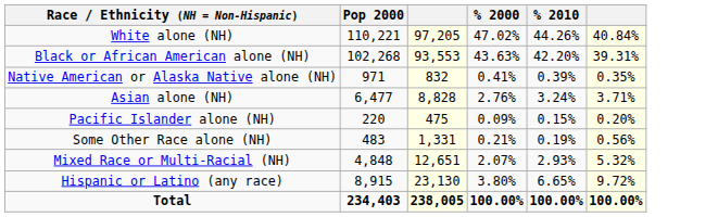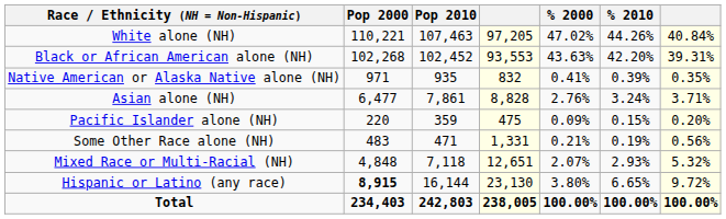 <table class="wikitable" style="text-align:center;">
 <tr>
 <th>Race / Ethnicity <small>(<em>NH = Non-Hispanic</em>)</small></th>
 <th>Pop 2000</th>
+<th>Pop 2010</th>
 <th></th>
 <th>% 2000</th>
 <th>% 2010</th>
 <th></th>
 </tr>
 <tr>
 <td><a href='#'>White</a> alone (NH)</td>
 <td>110,221</td>
+<td>107,463</td>
 <td style='background: #ffffe6;'>97,205</td>
 <td>47.02%</td>
 <td>44.26%</td>
 <td style='background: #ffffe6;'>40.84%</td>
 </tr>
 <tr>
 <td><a href='#'>Black or African American</a> alone (NH)</td>
 <td>102,268</td>
+<td>102,452</td>
 <td style='background: #ffffe6;'>93,553</td>
 <td>43.63%</td>
 <td>42.20%</td>
 <td style='background: #ffffe6;'>39.31%</td>
 </tr>
 <tr>
 <td><a href='#'>Native American</a> or <a href='#'>Alaska Native</a> alone (NH)</td>
 <td>971</td>
+<td>935</td>
 <td style='background: #ffffe6;'>832</td>
 <td>0.41%</td>
 <td>0.39%</td>
 <td style='background: #ffffe6;'>0.35%</td>
 </tr>
 <tr>
 <td><a href='#'>Asian</a> alone (NH)</td>
 <td>6,477</td>
+<td>7,861</td>
 <td style='background: #ffffe6;'>8,828</td>
 <td>2.76%</td>
 <td>3.24%</td>
 <td style='background: #ffffe6;'>3.71%</td>
 </tr>
 <tr>
 <td><a href='#'>Pacific Islander</a> alone (NH)</td>
 <td>220</td>
+<td>359</td>
 <td style='background: #ffffe6;'>475</td>
 <td>0.09%</td>
 <td>0.15%</td>
 <td style='background: #ffffe6;'>0.20%</td>
 </tr>
 <tr>
 <td>Some Other Race alone (NH)</td>
 <td>483</td>
+<td>471</td>
 <td style='background: #ffffe6;'>1,331</td>
 <td>0.21%</td>
 <td>0.19%</td>
 <td style='background: #ffffe6;'>0.56%</td>
 </tr>
 <tr>
 <td><a href='#'>Mixed Race or Multi-Racial</a> (NH)</td>
 <td>4,848</td>
+<td>7,118</td>
 <td style='background: #ffffe6;'>12,651</td>
 <td>2.07%</td>
 <td>2.93%</td>
 <td style='background: #ffffe6;'>5.32%</td>
 </tr>
 <tr>
 <td><a href='#'>Hispanic or Latino</a> (any race)</td>
-<td>8,915</td>
+<td><strong>8,915</strong></td>
+<td>16,144</td>
 <td style='background: #ffffe6;'>23,130</td>
 <td>3.80%</td>
 <td>6.65%</td>
 <td style='background: #ffffe6;'>9.72%</td>
 </tr>
 <tr>
 <td><strong>Total</strong></td>
 <td><strong>234,403</strong></td>
+<td><strong>242,803</strong></td>
 <td style='background: #ffffe6;'><strong>238,005</strong></td>
 <td><strong>100.00%</strong></td>
 <td><strong>100.00%</strong></td>
 <td style='background: #ffffe6;'><strong>100.00%</strong></td>
 </tr>
 </table>
